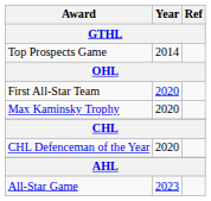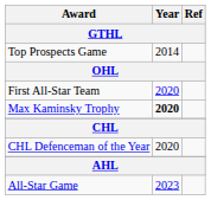 <table class="wikitable">
 <tr>
 <th>Award</th>
 <th>Year</th>
 <th>Ref</th>
 </tr>
 <tr ALIGN="center" bgcolor="#e0e0e0">
 <th colspan="3"><a href='#'>GTHL</a></th>
 </tr>
 <tr>
 <td>Top Prospects Game</td>
 <td>2014</td>
 <td></td>
 </tr>
 <tr>
 <th colspan="3"><a href='#'>OHL</a></th>
 </tr>
 <tr>
 <td>First All-Star Team</td>
 <td><a href='#'>2020</a></td>
 <td></td>
 </tr>
 <tr>
 <td><a href='#'>Max Kaminsky Trophy</a></td>
-<td>2020</td>
+<td><strong>2020</strong></td>
 <td></td>
 </tr>
 <tr>
 </tr>
 <tr ALIGN="center" bgcolor="#e0e0e0">
 <th colspan="3"><a href='#'>CHL</a></th>
 </tr>
 <tr>
 <td><a href='#'>CHL Defenceman of the Year</a></td>
 <td>2020</td>
 <td></td>
 </tr>
 <tr>
 </tr>
 <tr ALIGN="center" bgcolor="#e0e0e0">
 <th colspan="3"><a href='#'>AHL</a></th>
 </tr>
 <tr>
 <td><a href='#'>All-Star Game</a></td>
 <td><a href='#'>2023</a></td>
 <td></td>
 </tr>
 </table>
